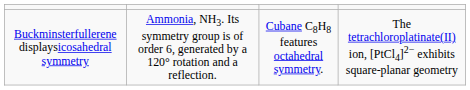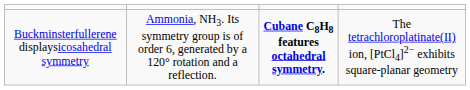 <table class="wikitable" style="text-align:center; margin:1em auto 1em auto;">
 <tr>
 <td width=20%></td>
 <td width=25%></td>
 <td width=15%></td>
 <td width=20%></td>
 </tr>
 <tr>
 <td><a href='#'>Buckminsterfullerene</a> displays<a href='#'>icosahedral symmetry</a></td>
 <td><a href='#'>Ammonia</a>, NH<sub>3</sub>. Its symmetry group is of order 6, generated by a 120° rotation and a reflection.</td>
-<td><a href='#'>Cubane</a> C<sub>8</sub>H<sub>8</sub> features <a href='#'>octahedral symmetry</a>.</td>
+<td><strong><a href='#'>Cubane</a> C<sub>8</sub>H<sub>8</sub> features <a href='#'>octahedral symmetry</a>.</strong></td>
 <td>The <a href='#'>tetrachloroplatinate(II)</a> ion, [PtCl<sub>4</sub>]<sup>2−</sup> exhibits square-planar geometry</td>
 </tr>
 </table>
